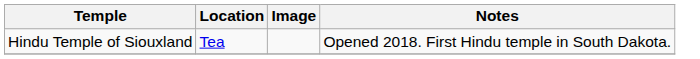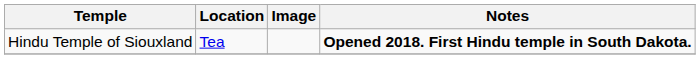 <table class="wikitable sortable" id="tableTempleWikiSD">
 <tr>
 <th>Temple</th>
 <th>Location</th>
 <th>Image</th>
 <th>Notes</th>
 </tr>
 <tr>
 <td>Hindu Temple of Siouxland</td>
 <td><a href='#'>Tea</a></td>
 <td></td>
-<td>Opened 2018. First Hindu temple in South Dakota.</td>
+<td><strong>Opened 2018. First Hindu temple in South Dakota.</strong></td>
 </tr>
 <tr>
 </tr>
 </table>
